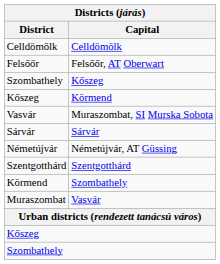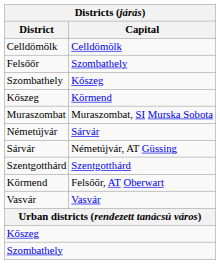 <table class="wikitable">
 <tr>
 <th colspan=2>Districts (<em>járás</em>)</th>
 </tr>
 <tr>
 <th>District</th>
 <th>Capital</th>
 </tr>
 <tr>
 <td>Celldömölk</td>
 <td><a href='#'>Celldömölk</a></td>
 </tr>
 <tr>
 <td>Felsőőr</td>
-<td>Felsőőr, <a href='#'>AT</a> <a href='#'>Oberwart</a></td>
+<td><a href='#'>Szombathely</a></td>
 </tr>
 <tr>
 <td>Szombathely</td>
 <td><a href='#'>Kőszeg</a></td>
 </tr>
 <tr>
 <td>Kőszeg</td>
 <td><a href='#'>Körmend</a></td>
 </tr>
 <tr>
-<td>Vasvár</td>
+<td>Muraszombat</td>
 <td>Muraszombat, <a href='#'>SI</a> <a href='#'>Murska Sobota</a></td>
 </tr>
 <tr>
-<td>Sárvár</td>
+<td>Németújvár</td>
 <td><a href='#'>Sárvár</a></td>
 </tr>
 <tr>
-<td>Németújvár</td>
+<td>Sárvár</td>
 <td>Németújvár, AT <a href='#'>Güssing</a></td>
 </tr>
 <tr>
 <td>Szentgotthárd</td>
 <td><a href='#'>Szentgotthárd</a></td>
 </tr>
 <tr>
 <td>Körmend</td>
-<td><a href='#'>Szombathely</a></td>
+<td>Felsőőr, <a href='#'>AT</a> <a href='#'>Oberwart</a></td>
 </tr>
 <tr>
-<td>Muraszombat</td>
+<td>Vasvár</td>
 <td><a href='#'>Vasvár</a></td>
 </tr>
 <tr>
 <th colspan=2>Urban districts (<em>rendezett tanácsú város</em>)</th>
 </tr>
 <tr>
 <td colspan=2><a href='#'>Kőszeg</a></td>
 </tr>
 <tr>
 <td colspan=2><a href='#'>Szombathely</a></td>
 </tr>
 </table>
